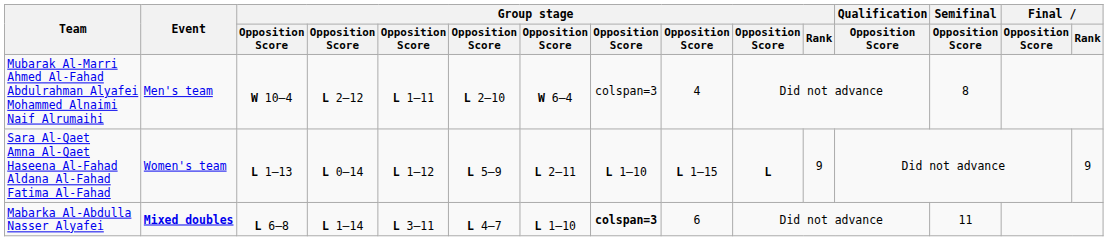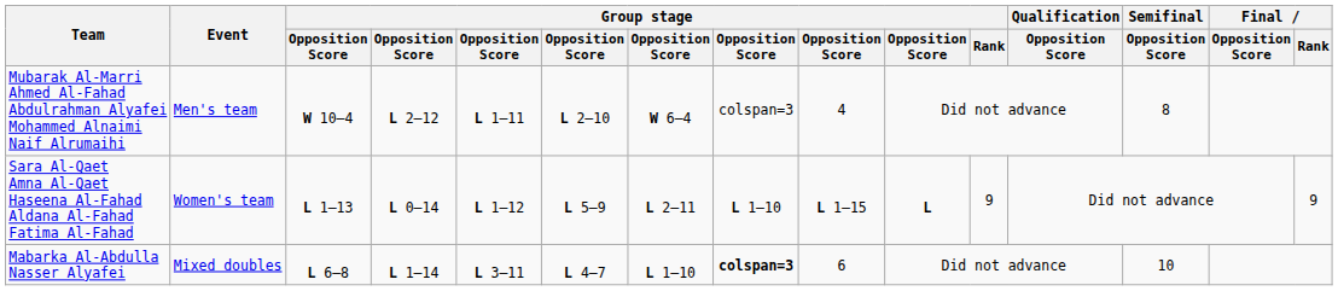 <table class=wikitable style=font-size:90%;text-align:center>
 <tr>
 <th rowspan=2>Team</th>
 <th rowspan=2>Event</th>
 <th colspan=9>Group stage</th>
 <th>Qualification</th>
 <th>Semifinal</th>
 <th colspan=2>Final / </th>
 </tr>
 <tr style=font-size:95%>
 <th>Opposition<br>Score</th>
 <th>Opposition<br>Score</th>
 <th>Opposition<br>Score</th>
 <th>Opposition<br>Score</th>
 <th>Opposition<br>Score</th>
 <th>Opposition<br>Score</th>
 <th>Opposition<br>Score</th>
 <th>Opposition<br>Score</th>
 <th>Rank</th>
 <th>Opposition<br>Score</th>
 <th>Opposition<br>Score</th>
 <th>Opposition<br>Score</th>
 <th>Rank</th>
 </tr>
 <tr>
 <td align=left><a href='#'>Mubarak Al-Marri</a><br><a href='#'>Ahmed Al-Fahad</a><br><a href='#'>Abdulrahman Alyafei</a><br><a href='#'>Mohammed Alnaimi</a><br><a href='#'>Naif Alrumaihi</a></td>
 <td align=left><a href='#'>Men's team</a></td>
 <td><br><strong>W</strong> 10–4</td>
 <td><br><strong>L</strong> 2–12</td>
 <td><br><strong>L</strong> 1–11</td>
 <td><br><strong>L</strong> 2–10</td>
 <td><br><strong>W</strong> 6–4</td>
 <td>colspan=3 </td>
 <td>4</td>
 <td colspan=3>Did not advance</td>
 <td>8</td>
 </tr>
 <tr>
 <td align=left><a href='#'>Sara Al-Qaet</a><br><a href='#'>Amna Al-Qaet</a><br><a href='#'>Haseena Al-Fahad</a><br><a href='#'>Aldana Al-Fahad</a><br><a href='#'>Fatima Al-Fahad</a></td>
 <td align=left><a href='#'>Women's team</a></td>
 <td><br><strong>L</strong> 1–13</td>
 <td><br><strong>L</strong> 0–14</td>
 <td><br><strong>L</strong> 1–12</td>
 <td><br><strong>L</strong> 5–9</td>
 <td><br><strong>L</strong> 2–11</td>
 <td><br><strong>L</strong> 1–10</td>
 <td><br><strong>L</strong> 1–15</td>
 <td><br><strong>L</strong></td>
 <td>9</td>
 <td colspan=3>Did not advance</td>
 <td>9</td>
 </tr>
 <tr>
 <td align=left><a href='#'>Mabarka Al-Abdulla</a><br><a href='#'>Nasser Alyafei</a></td>
-<td align=left><strong><a href='#'>Mixed doubles</a></strong></td>
+<td align=left><a href='#'>Mixed doubles</a></td>
 <td><br><strong>L</strong> 6–8</td>
 <td><br><strong>L</strong> 1–14</td>
 <td><br><strong>L</strong> 3–11</td>
 <td><br><strong>L</strong> 4–7</td>
 <td><br><strong>L</strong> 1–10</td>
 <td><strong>colspan=3 </strong></td>
 <td>6</td>
 <td colspan=3>Did not advance</td>
-<td>11</td>
+<td>10</td>
 </tr>
 </table>
